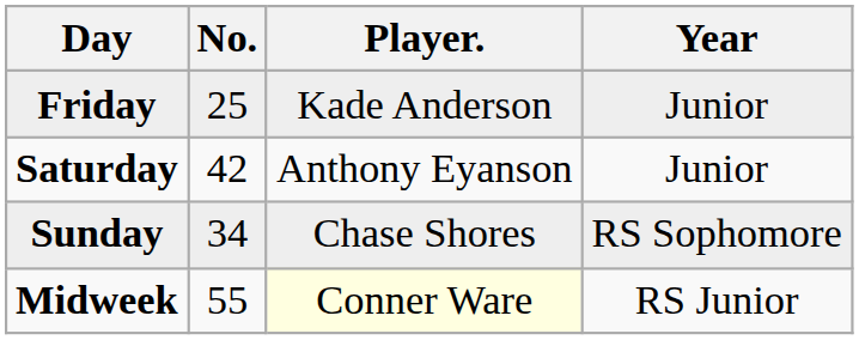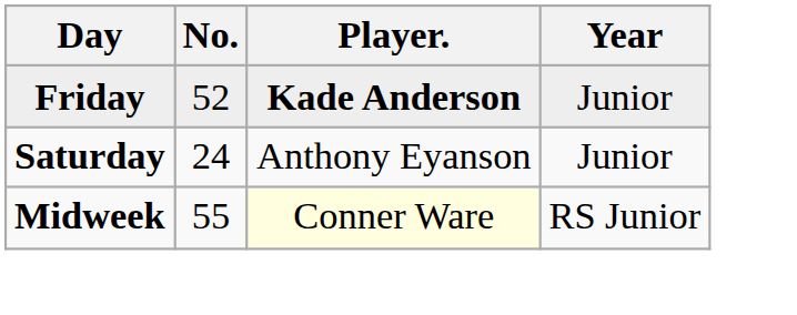 <table class="wikitable non-sortable">
 <tr>
 <th style="text-align:center; ">Day</th>
 <th style="text-align:center; ">No.</th>
 <th style="text-align:center; ">Player.</th>
 <th style="text-align:center; ">Year</th>
 </tr>
 <tr style="background:#eeeeee;text-align:center;">
 <td><strong>Friday</strong></td>
-<td>25</td>
-<td>Kade Anderson</td>
+<td>52</td>
+<td><strong>Kade Anderson</strong></td>
 <td>Junior</td>
 </tr>
 <tr style="text-align:center;">
 <td><strong>Saturday</strong></td>
-<td>42</td>
+<td>24</td>
 <td>Anthony Eyanson</td>
 <td>Junior</td>
-</tr>
-<tr style="background:#eeeeee;text-align:center;">
-<td><strong>Sunday</strong></td>
-<td>34</td>
-<td>Chase Shores</td>
-<td>RS Sophomore</td>
 </tr>
 <tr style="text-align:center;">
 <td><strong>Midweek</strong></td>
 <td>55</td>
 <td style="background: lightyellow;">Conner Ware</td>
 <td>RS Junior</td>
 </tr>
 </table>
